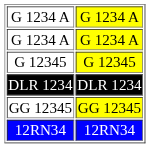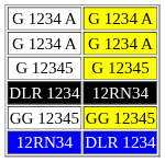 <table border="1" style="margin:1em auto;">
 <tr size="40">
 <td style="text-align:center; background:white; font-size:14pt; color:black;"> G 1234 A</td>
 <td style="text-align:center; background:yellow; font-size:14pt; color:black;"> G 1234 A</td>
 </tr>
 <tr style="font-size:14pt; text-align:center; color:black;">
 <td style="background:white; ">G 1234 A</td>
 <td style="background:yellow; ">G 1234 A</td>
 </tr>
 <tr style="font-size:14pt; text-align:center; color:black;">
 <td style="background:white; ">G 12345</td>
 <td style="background:yellow; ">G 12345</td>
 </tr>
 <tr style="font-size:14pt; text-align:center; color:white; background:black;">
 <td>DLR 1234</td>
-<td>DLR 1234</td>
+<td>12RN34</td>
 </tr>
 <tr style="font-size:14pt; text-align:center; color:black;">
 <td style="background:white; ">GG 12345</td>
 <td style="background:yellow; ">GG 12345</td>
 </tr>
 <tr style="font-size:14pt; text-align:center; color:white; background:blue;">
 <td>12RN34</td>
-<td>12RN34</td>
+<td>DLR 1234</td>
 </tr>
 </table>
